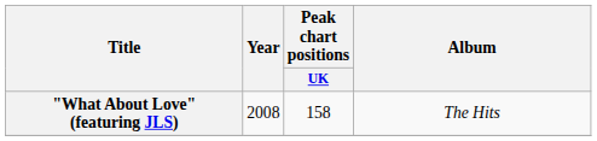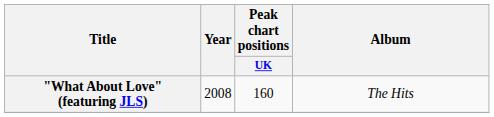 <table class="wikitable plainrowheaders" style="text-align:center;" border="1">
 <tr>
 <th scope="col" rowspan="2" style="width:14em;">Title</th>
 <th scope="col" rowspan="2">Year</th>
 <th scope="col" colspan="1">Peak chart positions</th>
 <th scope="col" rowspan="2" style="width:14em;">Album</th>
 </tr>
 <tr>
 <th scope="col" style="width:3em;font-size:85%;"><a href='#'>UK</a><br></th>
 </tr>
 <tr>
 <th scope="row">"What About Love"<br><span>(featuring <a href='#'>JLS</a>)</span></th>
 <td>2008</td>
-<td>158</td>
+<td>160</td>
 <td><em>The Hits</em></td>
 </tr>
 <tr>
 </tr>
 </table>
